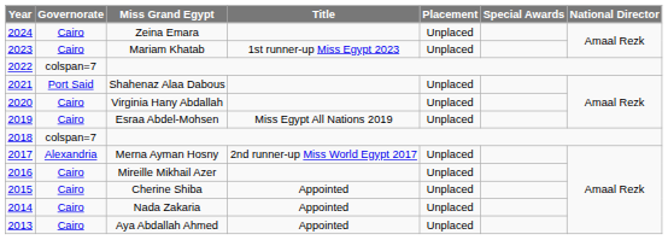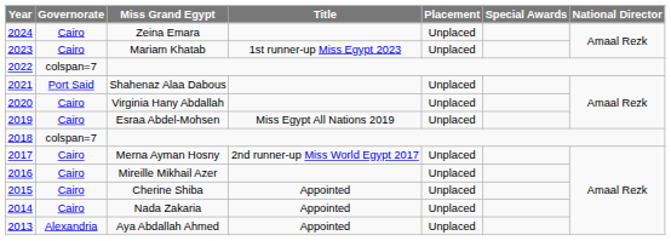 <table class="wikitable" style="font-size: 90%; text-align:center">
 <tr>
 <th style="background-color:#787878;color:#FFFFFF;">Year</th>
 <th style="background-color:#787878;color:#FFFFFF;">Governorate</th>
 <th style="background-color:#787878;color:#FFFFFF;">Miss Grand Egypt</th>
 <th style="background-color:#787878;color:#FFFFFF;">Title</th>
 <th style="background-color:#787878;color:#FFFFFF;">Placement</th>
 <th style="background-color:#787878;color:#FFFFFF;">Special Awards</th>
 <th style="background-color:#787878;color:#FFFFFF;">National Director</th>
 </tr>
 <tr>
 <td><a href='#'>2024</a></td>
 <td><a href='#'>Cairo</a></td>
 <td>Zeina Emara</td>
 <td></td>
 <td>Unplaced</td>
 <td></td>
 <td rowspan="2">Amaal Rezk</td>
 </tr>
 <tr>
 <td><a href='#'>2023</a></td>
 <td><a href='#'>Cairo</a></td>
 <td>Mariam Khatab</td>
 <td>1st runner-up <a href='#'>Miss Egypt 2023</a></td>
 <td>Unplaced</td>
 <td></td>
 </tr>
 <tr>
 <td><a href='#'>2022</a></td>
 <td>colspan=7</td>
 </tr>
 <tr>
 <td><a href='#'>2021</a></td>
 <td><a href='#'>Port Said</a></td>
 <td>Shahenaz Alaa Dabous</td>
 <td></td>
 <td>Unplaced</td>
 <td></td>
 <td rowspan="3">Amaal Rezk</td>
 </tr>
 <tr>
 <td><a href='#'>2020</a></td>
 <td><a href='#'>Cairo</a></td>
 <td>Virginia Hany Abdallah</td>
 <td></td>
 <td>Unplaced</td>
 <td></td>
 </tr>
 <tr>
 <td><a href='#'>2019</a></td>
 <td><a href='#'>Cairo</a></td>
 <td>Esraa Abdel-Mohsen</td>
 <td>Miss Egypt All Nations 2019</td>
 <td>Unplaced</td>
 <td></td>
 </tr>
 <tr>
 <td><a href='#'>2018</a></td>
 <td>colspan=7</td>
 </tr>
 <tr>
 <td><a href='#'>2017</a></td>
-<td><a href='#'>Alexandria</a></td>
+<td><a href='#'>Cairo</a></td>
 <td>Merna Ayman Hosny</td>
 <td>2nd runner-up <a href='#'>Miss World Egypt 2017</a></td>
 <td>Unplaced</td>
 <td></td>
 <td rowspan="5">Amaal Rezk</td>
 </tr>
 <tr>
 <td><a href='#'>2016</a></td>
 <td><a href='#'>Cairo</a></td>
 <td>Mireille Mikhail Azer</td>
 <td></td>
 <td>Unplaced</td>
 <td></td>
 </tr>
 <tr>
 <td><a href='#'>2015</a></td>
 <td><a href='#'>Cairo</a></td>
 <td>Cherine Shiba</td>
 <td>Appointed</td>
 <td>Unplaced</td>
 <td></td>
 </tr>
 <tr>
 <td><a href='#'>2014</a></td>
 <td><a href='#'>Cairo</a></td>
 <td>Nada Zakaria</td>
 <td>Appointed</td>
 <td>Unplaced</td>
 </tr>
 <tr>
 <td><a href='#'>2013</a></td>
-<td><a href='#'>Cairo</a></td>
+<td><a href='#'>Alexandria</a></td>
 <td>Aya Abdallah Ahmed</td>
 <td>Appointed</td>
 <td>Unplaced</td>
 <td></td>
 </tr>
 </table>
